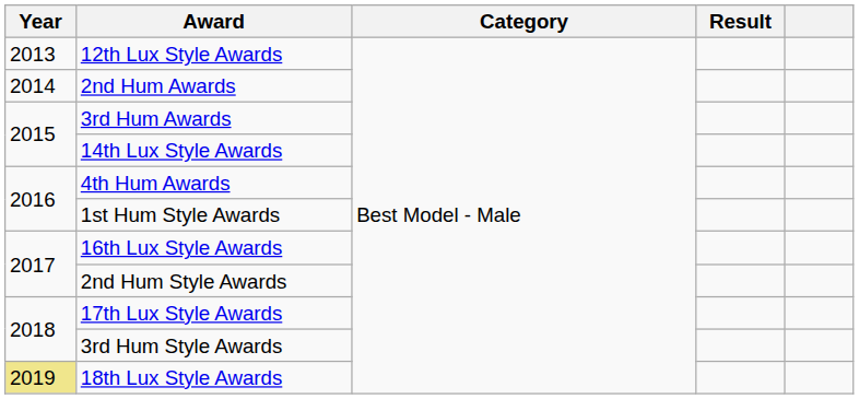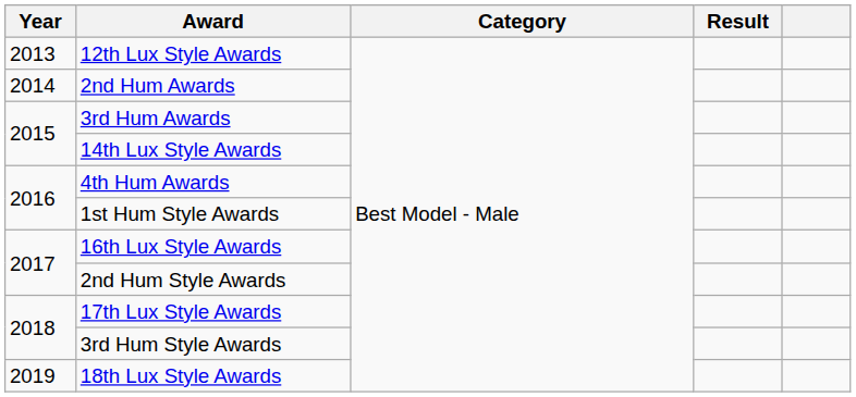 <table class="wikitable" width="50%" style="font-size: 95%;">
 <tr style="background:#ccc; text-align:center;">
 <th scope="col" width="3%">Year</th>
 <th scope="col" width="20%">Award</th>
 <th scope="col" width="25%">Category</th>
 <th scope="col" width="3%">Result</th>
 <th scope="col" width="5%"></th>
 </tr>
 <tr>
 <td>2013</td>
 <td><a href='#'>12th Lux Style Awards</a></td>
 <td rowspan="11">Best Model - Male</td>
 <td></td>
 <td></td>
 </tr>
 <tr>
 <td>2014</td>
 <td><a href='#'>2nd Hum Awards</a></td>
 <td></td>
 <td></td>
 </tr>
 <tr>
 <td rowspan="2">2015</td>
 <td><a href='#'>3rd Hum Awards</a></td>
 <td></td>
 <td></td>
 </tr>
 <tr>
 <td><a href='#'>14th Lux Style Awards</a></td>
 <td></td>
 <td></td>
 </tr>
 <tr>
 <td rowspan="2">2016</td>
 <td><a href='#'>4th Hum Awards</a></td>
 <td></td>
 <td></td>
 </tr>
 <tr>
 <td>1st Hum Style Awards</td>
 <td></td>
 <td></td>
 </tr>
 <tr>
 <td rowspan="2">2017</td>
 <td><a href='#'>16th Lux Style Awards</a></td>
 <td></td>
 <td></td>
 </tr>
 <tr>
 <td>2nd Hum Style Awards</td>
 <td></td>
 <td></td>
 </tr>
 <tr>
 <td rowspan="2">2018</td>
 <td><a href='#'>17th Lux Style Awards</a></td>
 <td></td>
 <td></td>
 </tr>
 <tr>
 <td>3rd Hum Style Awards</td>
 <td></td>
 <td></td>
 </tr>
 <tr>
-<td style="background: khaki;">2019</td>
+<td>2019</td>
 <td><a href='#'>18th Lux Style Awards</a></td>
 <td></td>
 <td></td>
 </tr>
 </table>
